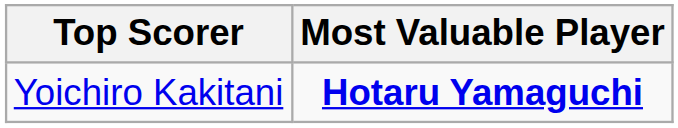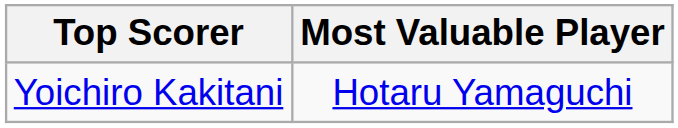 <table class="wikitable" style="margin: 0 auto;">
 <tr>
 <th>Top Scorer</th>
 <th>Most Valuable Player</th>
 </tr>
 <tr>
 <td align=center> <a href='#'>Yoichiro Kakitani</a></td>
-<td align=center><strong> <a href='#'>Hotaru Yamaguchi</a></strong></td>
+<td align=center> <a href='#'>Hotaru Yamaguchi</a></td>
 </tr>
 </table>
